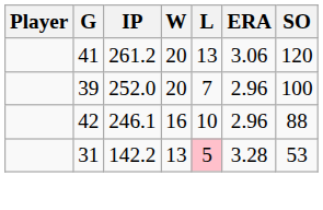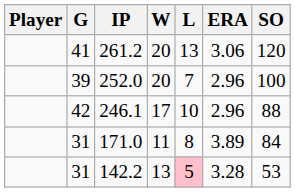 <table class="wikitable sortable" style="text-align:center;">
 <tr>
 <th>Player</th>
 <th>G</th>
 <th>IP</th>
 <th>W</th>
 <th>L</th>
 <th>ERA</th>
 <th>SO</th>
 </tr>
 <tr>
 <td></td>
 <td>41</td>
 <td>261.2</td>
 <td>20</td>
 <td>13</td>
 <td>3.06</td>
 <td>120</td>
 </tr>
 <tr>
 <td></td>
 <td>39</td>
 <td>252.0</td>
 <td>20</td>
 <td>7</td>
 <td>2.96</td>
 <td>100</td>
 </tr>
 <tr>
 <td></td>
 <td>42</td>
 <td>246.1</td>
-<td>16</td>
+<td>17</td>
 <td>10</td>
 <td>2.96</td>
 <td>88</td>
+</tr>
+<tr>
+<td></td>
+<td>31</td>
+<td>171.0</td>
+<td>11</td>
+<td>8</td>
+<td>3.89</td>
+<td>84</td>
 </tr>
 <tr>
 <td></td>
 <td>31</td>
 <td>142.2</td>
 <td>13</td>
 <td style="background: pink;">5</td>
 <td>3.28</td>
 <td>53</td>
 </tr>
 </table>
